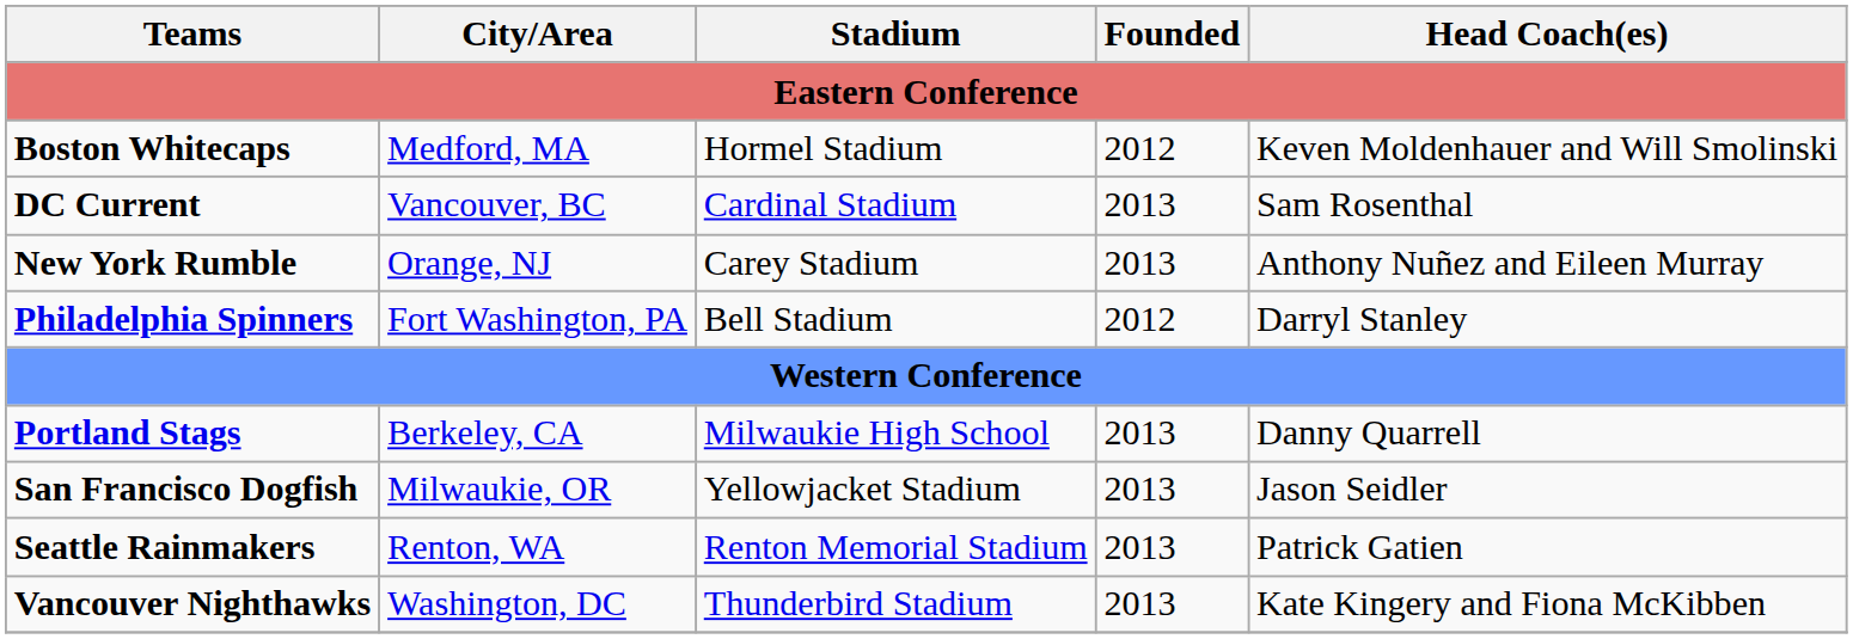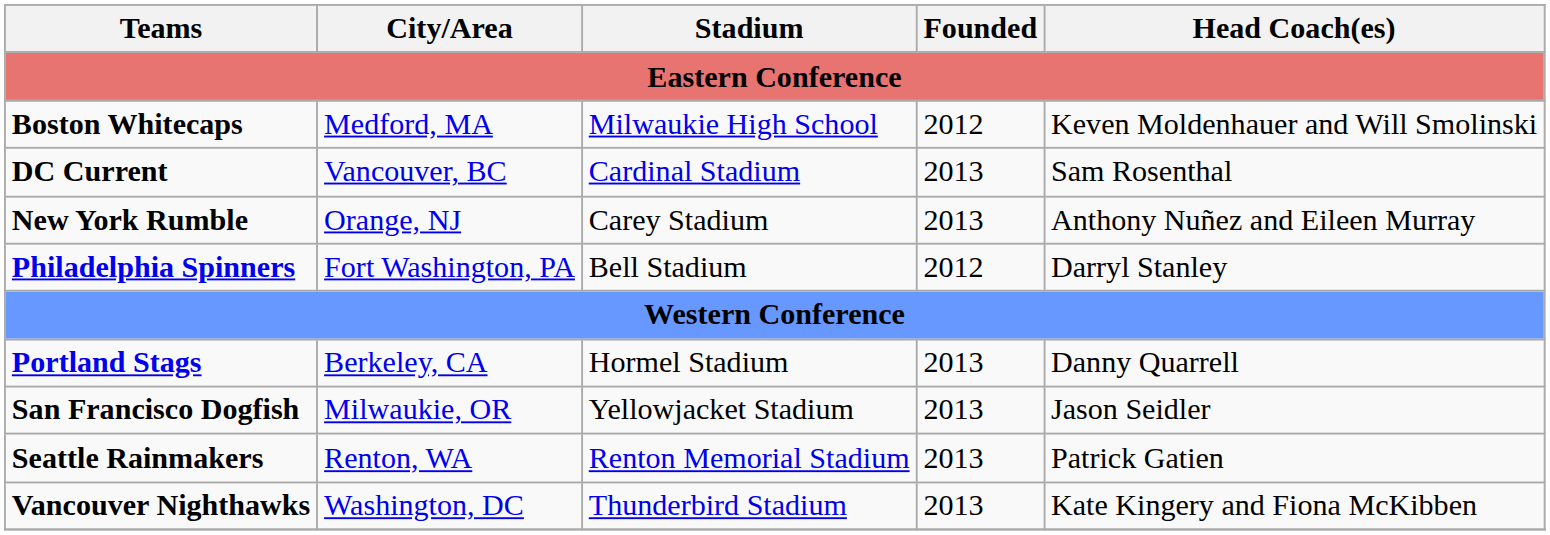 <table class="wikitable">
 <tr>
 <th>Teams</th>
 <th>City/Area</th>
 <th>Stadium</th>
 <th>Founded</th>
 <th>Head Coach(es)</th>
 </tr>
 <tr>
 <th style=background:#E77471  colspan=6>Eastern Conference</th>
 </tr>
 <tr>
 <td><strong>Boston Whitecaps</strong></td>
 <td><a href='#'>Medford, MA</a></td>
-<td>Hormel Stadium</td>
+<td><a href='#'>Milwaukie High School</a></td>
 <td>2012</td>
 <td>Keven Moldenhauer and Will Smolinski </td>
 </tr>
 <tr>
 <td><strong>DC Current</strong></td>
 <td><a href='#'>Vancouver, BC</a></td>
 <td><a href='#'>Cardinal Stadium</a></td>
 <td>2013</td>
 <td>Sam Rosenthal </td>
 </tr>
 <tr>
 <td><strong>New York Rumble</strong></td>
 <td><a href='#'>Orange, NJ</a></td>
 <td>Carey Stadium</td>
 <td>2013</td>
 <td>Anthony Nuñez and Eileen Murray </td>
 </tr>
 <tr>
 <td><strong><a href='#'>Philadelphia Spinners</a></strong></td>
 <td><a href='#'>Fort Washington, PA</a></td>
 <td>Bell Stadium</td>
 <td>2012</td>
 <td>Darryl Stanley </td>
 </tr>
 <tr>
 <th style=background:#6698FF colspan=6>Western Conference</th>
 </tr>
 <tr>
 <td><strong><a href='#'>Portland Stags</a></strong></td>
 <td><a href='#'>Berkeley, CA</a></td>
-<td><a href='#'>Milwaukie High School</a></td>
+<td>Hormel Stadium</td>
 <td>2013</td>
 <td>Danny Quarrell </td>
 </tr>
 <tr>
 <td><strong>San Francisco Dogfish</strong></td>
 <td><a href='#'>Milwaukie, OR</a></td>
 <td>Yellowjacket Stadium</td>
 <td>2013</td>
 <td>Jason Seidler </td>
 </tr>
 <tr>
 <td><strong>Seattle Rainmakers</strong></td>
 <td><a href='#'>Renton, WA</a></td>
 <td><a href='#'>Renton Memorial Stadium</a></td>
 <td>2013</td>
 <td>Patrick Gatien </td>
 </tr>
 <tr>
 <td><strong>Vancouver Nighthawks</strong></td>
 <td><a href='#'>Washington, DC</a></td>
 <td><a href='#'>Thunderbird Stadium</a></td>
 <td>2013</td>
 <td>Kate Kingery and Fiona McKibben </td>
 </tr>
 <tr>
 </tr>
 </table>
